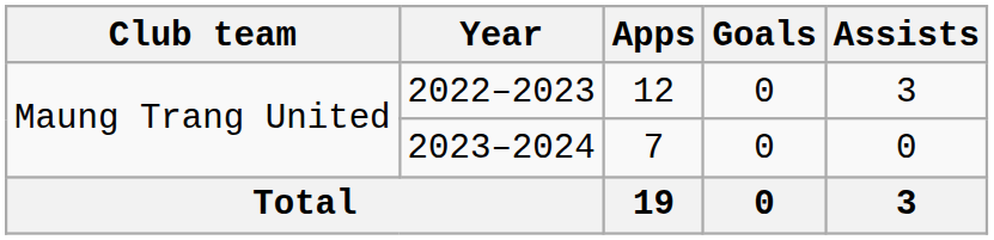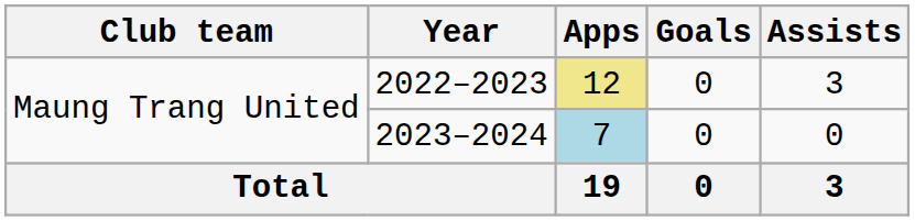 <table class=wikitable style="text-align: center;">
 <tr>
 <th>Club team</th>
 <th>Year</th>
 <th>Apps</th>
 <th>Goals</th>
 <th>Assists</th>
 </tr>
 <tr>
 <td rowspan=2>Maung Trang United</td>
 <td>2022–2023</td>
-<td>12</td>
+<td style="background: khaki;">12</td>
 <td>0</td>
 <td>3</td>
 </tr>
 <tr>
 <td>2023–2024</td>
-<td>7</td>
+<td style="background: lightblue;">7</td>
 <td>0</td>
 <td>0</td>
 </tr>
 <tr>
 <th colspan=2>Total</th>
 <th>19</th>
 <th>0</th>
 <th>3</th>
 </tr>
 </table>
